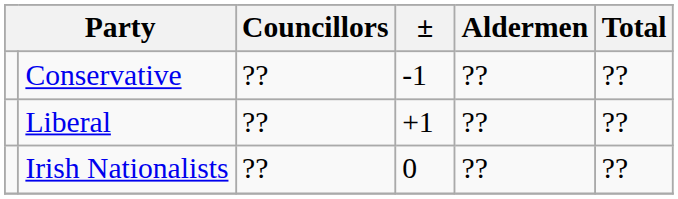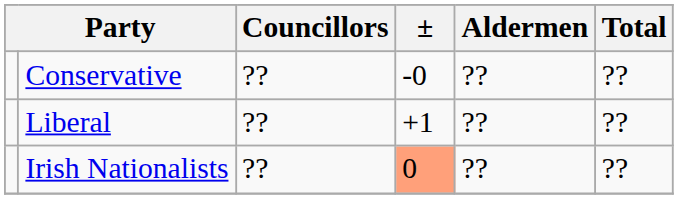 <table class="wikitable">
 <tr>
 <th colspan="2">Party</th>
 <th>Councillors</th>
 <th>  ±  </th>
 <th>Aldermen</th>
 <th>Total</th>
 </tr>
 <tr>
 <td style="background-color: "></td>
 <td><a href='#'>Conservative</a></td>
 <td>??</td>
-<td>-1</td>
+<td>-0</td>
 <td>??</td>
 <td>??</td>
 </tr>
 <tr>
 <td style="background-color: "></td>
 <td><a href='#'>Liberal</a></td>
 <td>??</td>
 <td>+1</td>
 <td>??</td>
 <td>??</td>
 </tr>
 <tr>
 <td style="background-color: "></td>
 <td><a href='#'>Irish Nationalists</a></td>
 <td>??</td>
-<td>0</td>
+<td style="background: lightsalmon;">0</td>
 <td>??</td>
 <td>??</td>
 </tr>
 <tr>
 </tr>
 </table>
